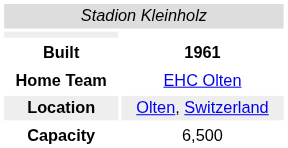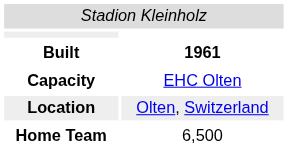 <table border=0  align=right cellpadding=3 cellspacing=3 width=280>
 <tr align="center" bgcolor="#dddddd">
 <td colspan=2><em>Stadion Kleinholz</em></td>
 </tr>
 <tr align="center" bgcolor="#eeeeee">
 <td align=center></td>
 </tr>
 <tr align=center>
 <td><strong>Built</strong></td>
 <td><strong>1961</strong></td>
 </tr>
 <tr align="center">
-<td><strong>Home Team</strong></td>
+<td><strong>Capacity</strong></td>
 <td><a href='#'>EHC Olten</a></td>
 </tr>
 <tr align="center" bgcolor="#eeeeee">
 <td><strong>Location</strong></td>
 <td><a href='#'>Olten</a>, <a href='#'>Switzerland</a></td>
 </tr>
 <tr align="center">
-<td><strong>Capacity</strong></td>
+<td><strong>Home Team</strong></td>
 <td>6,500</td>
 </tr>
 <tr align="center">
 </tr>
 </table>
